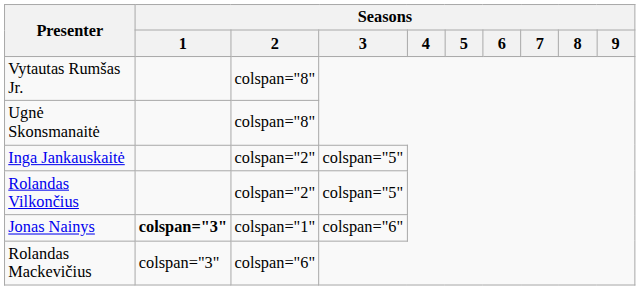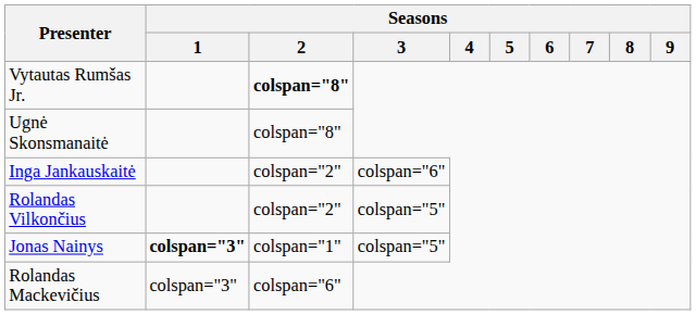 <table class="wikitable" width="70%">
 <tr>
 <th rowspan="2" width="135">Presenter</th>
 <th colspan="9">Seasons</th>
 </tr>
 <tr>
 <th width="40">1</th>
 <th width="40">2</th>
 <th width="40">3</th>
 <th width="40">4</th>
 <th width="40">5</th>
 <th width="40">6</th>
 <th width="40">7</th>
 <th width="40">8</th>
 <th width="40">9</th>
 </tr>
 <tr>
 <td>Vytautas Rumšas Jr.</td>
 <td></td>
-<td>colspan="8" </td>
+<td><strong>colspan="8" </strong></td>
 </tr>
 <tr>
 <td>Ugnė Skonsmanaitė</td>
 <td></td>
 <td>colspan="8" </td>
 </tr>
 <tr>
 <td><a href='#'>Inga Jankauskaitė</a></td>
 <td></td>
 <td>colspan="2" </td>
-<td>colspan="5" </td>
+<td>colspan="6" </td>
 </tr>
 <tr>
 <td><a href='#'>Rolandas Vilkončius</a></td>
 <td></td>
 <td>colspan="2" </td>
 <td>colspan="5" </td>
 </tr>
 <tr>
 <td><a href='#'>Jonas Nainys</a></td>
 <td><strong>colspan="3" </strong></td>
 <td>colspan="1" </td>
-<td>colspan="6" </td>
+<td>colspan="5" </td>
 </tr>
 <tr>
 <td>Rolandas Mackevičius</td>
 <td>colspan="3" </td>
 <td>colspan="6" </td>
 </tr>
 </table>
